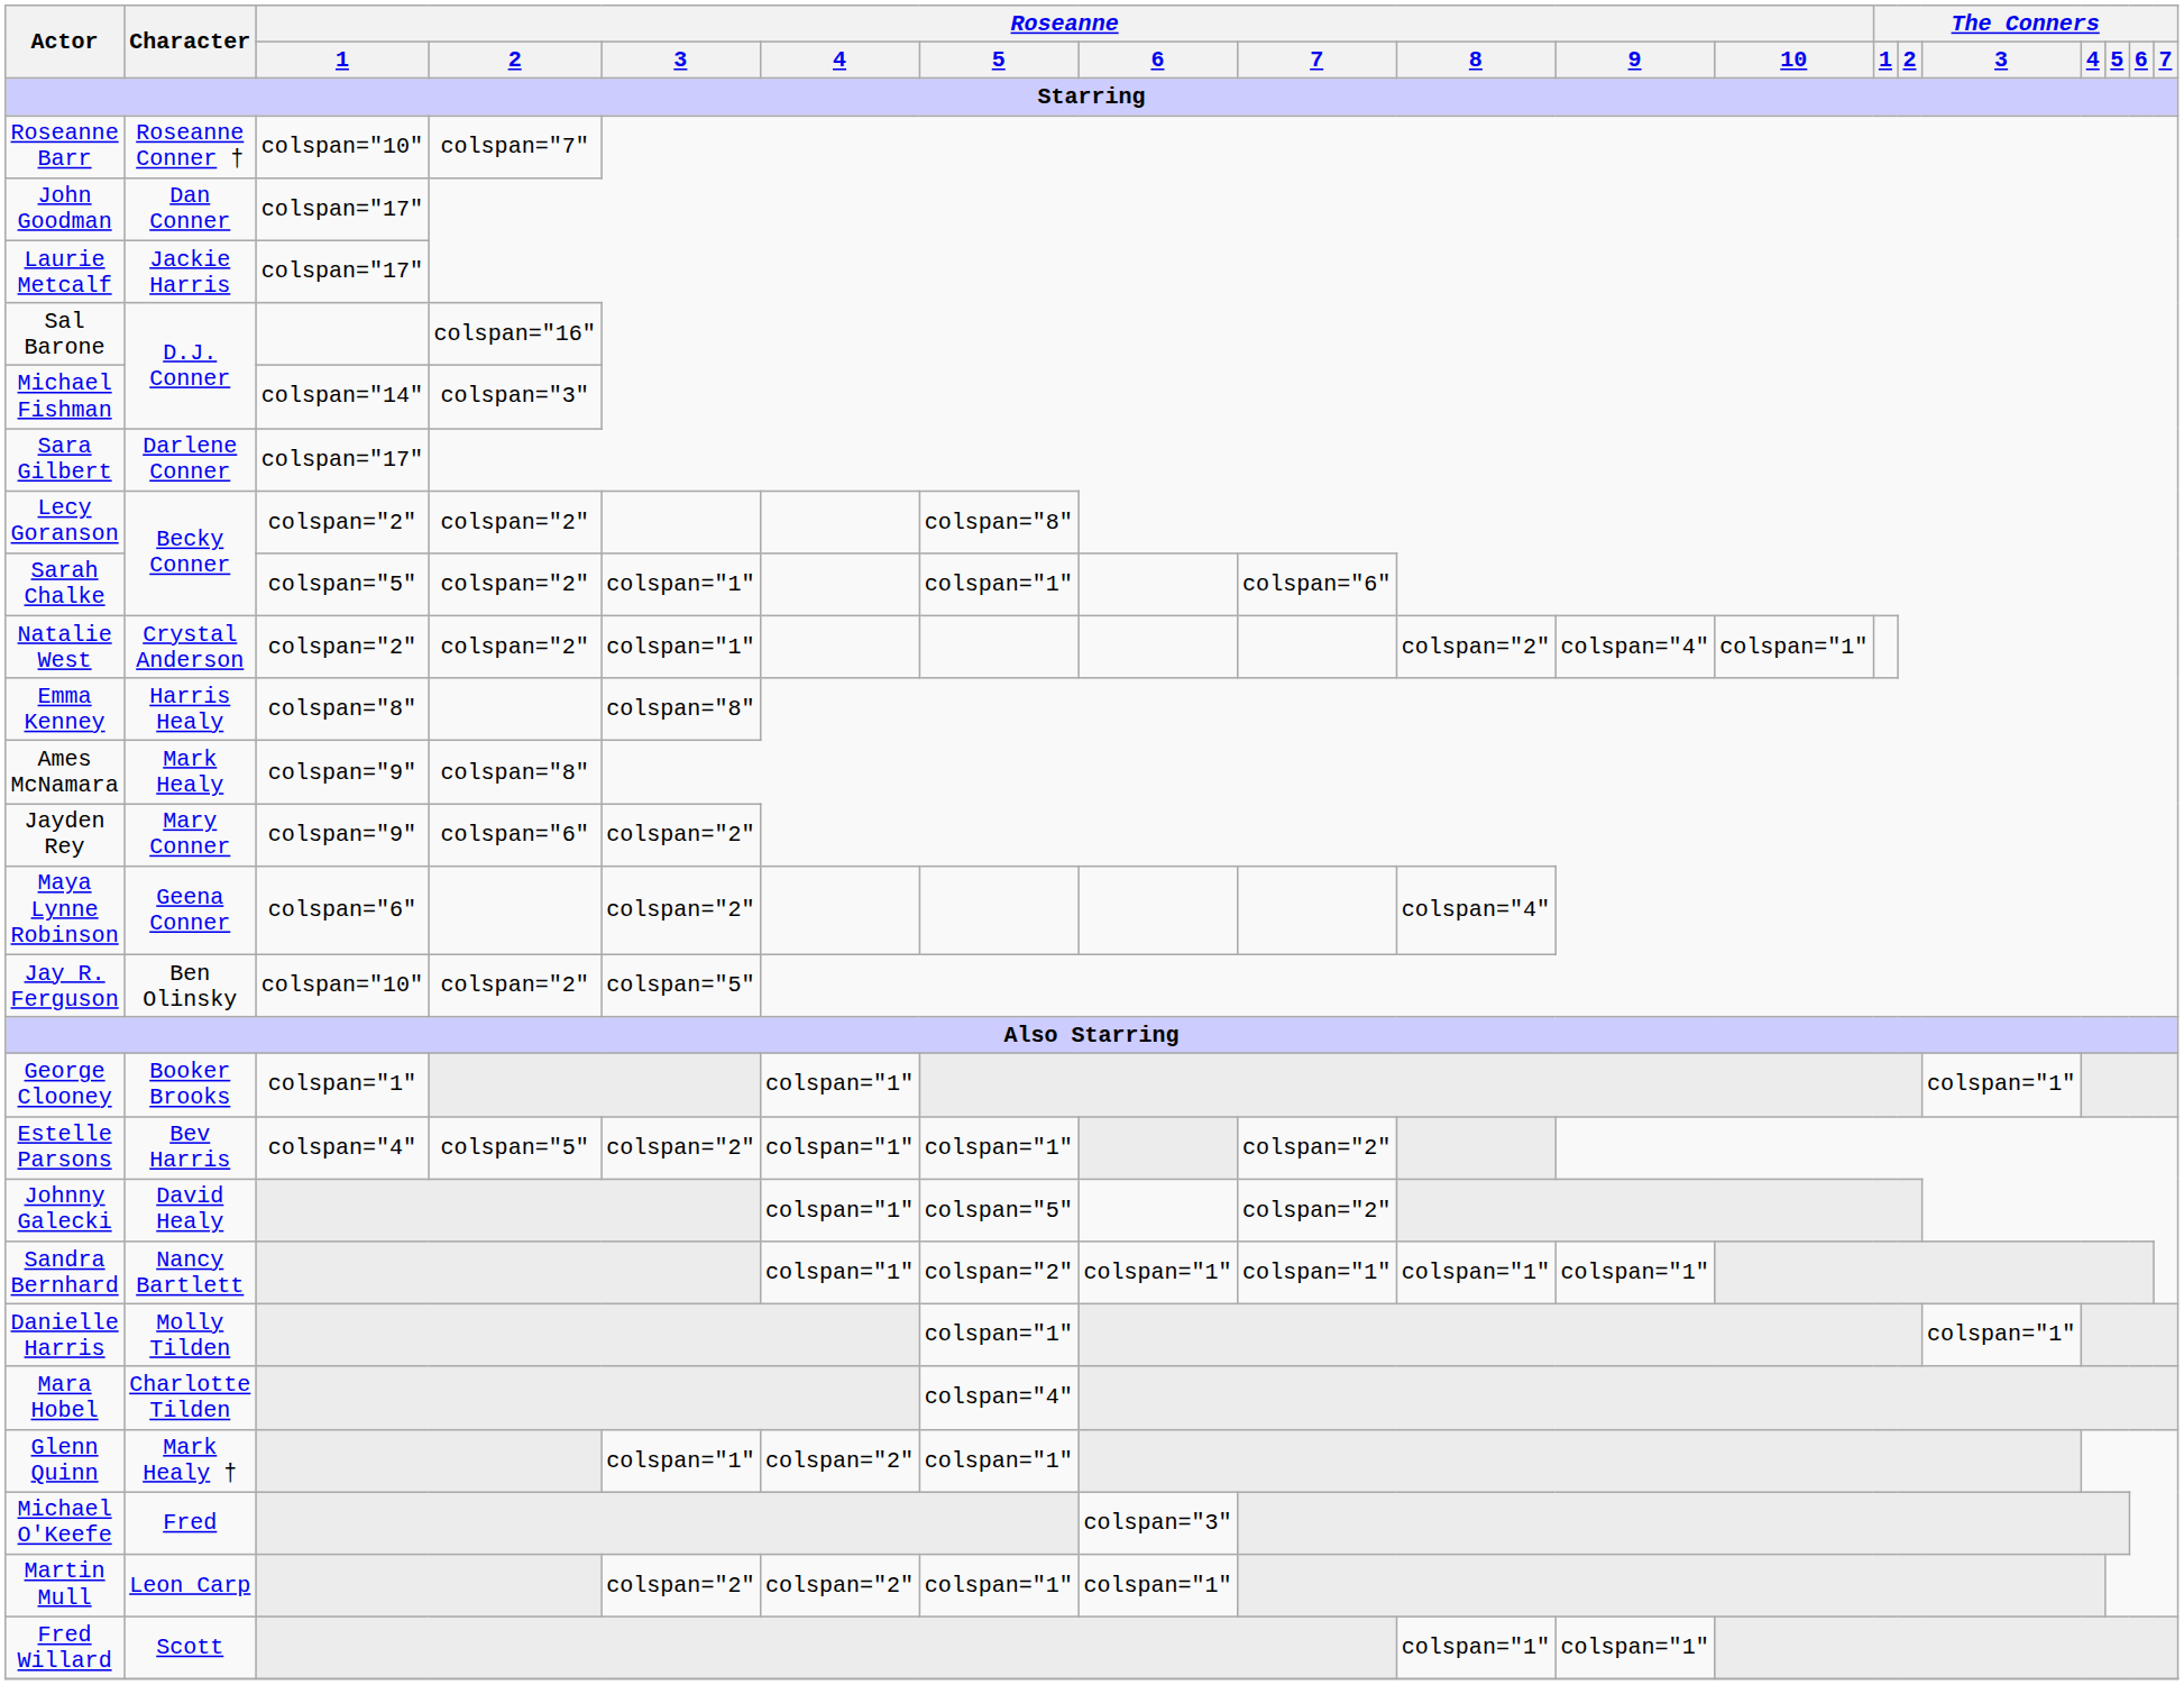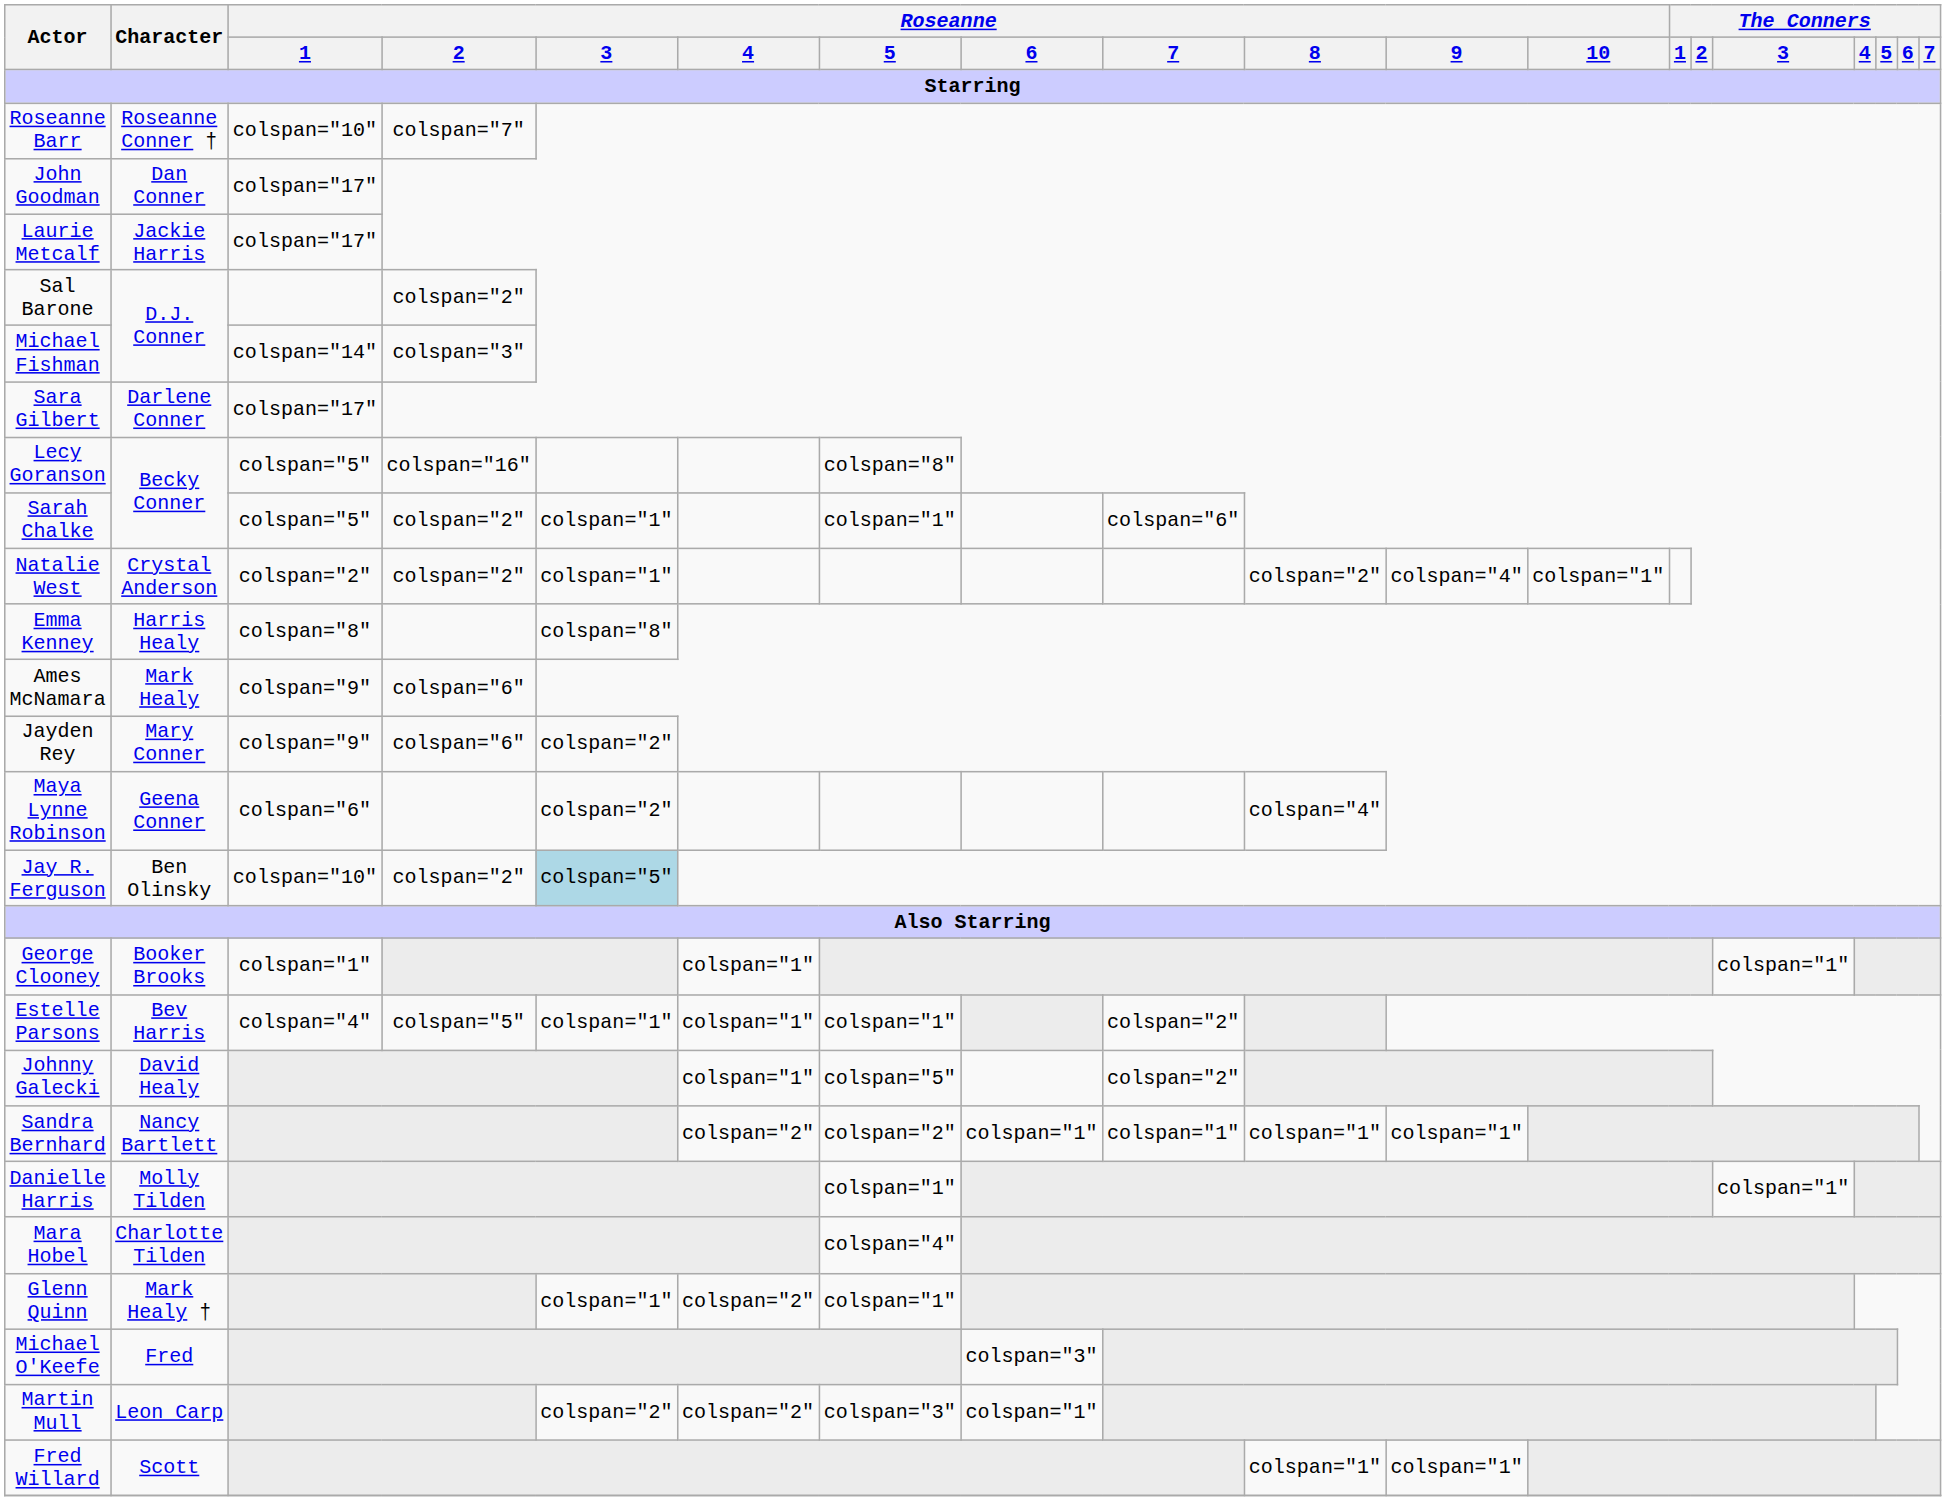 <table class="wikitable plainrowheaders" style="text-align:center">
 <tr>
 <th scope="col" rowspan="2" style="width:10%;">Actor</th>
 <th scope="col" rowspan="2" style="width:10%;">Character</th>
 <th scope="col" colspan="10"><em><a href='#'>Roseanne</a></em></th>
 <th scope="col" colspan="7"><em><a href='#'>The Conners</a></em></th>
 </tr>
 <tr>
 <th scope="col" style="width:4%;"><a href='#'>1</a></th>
 <th scope="col" style="width:4%;"><a href='#'>2</a></th>
 <th scope="col" style="width:4%;"><a href='#'>3</a></th>
 <th scope="col" style="width:4%;"><a href='#'>4</a></th>
 <th scope="col" style="width:4%;"><a href='#'>5</a></th>
 <th scope="col" style="width:4%;"><a href='#'>6</a></th>
 <th scope="col" style="width:4%;"><a href='#'>7</a></th>
 <th scope="col" style="width:4%;"><a href='#'>8</a></th>
 <th scope="col" style="width:4%;"><a href='#'>9</a></th>
 <th scope="col" style="width:4%;"><a href='#'>10</a></th>
 <th scope="col" style="width:4%;"><a href='#'>1</a></th>
 <th scope="col" style="width:4%;"><a href='#'>2</a></th>
 <th scope="col" style="width:4%;"><a href='#'>3</a></th>
 <th scope="col" style="width:4%;"><a href='#'>4</a></th>
 <th scope="col" style="width:4%;"><a href='#'>5</a></th>
 <th scope="col" style="width:4%;"><a href='#'>6</a></th>
 <th scope="col" style="width:4%;"><a href='#'>7</a></th>
 </tr>
 <tr>
 <th colspan="19" style="background:#ccf;">Starring</th>
 </tr>
 <tr>
 <td><a href='#'>Roseanne Barr</a></td>
 <td><a href='#'>Roseanne Conner</a> †</td>
 <td>colspan="10" </td>
 <td>colspan="7" </td>
 </tr>
 <tr>
 <td><a href='#'>John Goodman</a></td>
 <td><a href='#'>Dan Conner</a></td>
 <td>colspan="17" </td>
 </tr>
 <tr>
 <td><a href='#'>Laurie Metcalf</a></td>
 <td><a href='#'>Jackie Harris</a></td>
 <td>colspan="17" </td>
 </tr>
 <tr>
 <td>Sal Barone</td>
 <td rowspan="2"><a href='#'>D.J. Conner</a></td>
 <td></td>
-<td>colspan="16" </td>
+<td>colspan="2" </td>
 </tr>
 <tr>
 <td><a href='#'>Michael Fishman</a></td>
 <td>colspan="14" </td>
 <td>colspan="3" </td>
 </tr>
 <tr>
 <td><a href='#'>Sara Gilbert</a></td>
 <td><a href='#'>Darlene Conner</a></td>
 <td>colspan="17" </td>
 </tr>
 <tr>
 <td><a href='#'>Lecy Goranson</a></td>
 <td rowspan="2" style="text-align:center;"><a href='#'>Becky Conner</a></td>
-<td>colspan="2" </td>
-<td>colspan="2" </td>
+<td>colspan="5" </td>
+<td>colspan="16" </td>
 <td></td>
 <td></td>
 <td>colspan="8" </td>
 </tr>
 <tr>
 <td><a href='#'>Sarah Chalke</a></td>
 <td>colspan="5" </td>
 <td>colspan="2" </td>
 <td>colspan="1" </td>
 <td></td>
 <td>colspan="1" </td>
 <td></td>
 <td>colspan="6" </td>
 </tr>
 <tr>
 <td><a href='#'>Natalie West</a></td>
 <td><a href='#'>Crystal Anderson</a></td>
 <td>colspan="2" </td>
 <td>colspan="2" </td>
 <td>colspan="1" </td>
 <td></td>
 <td></td>
 <td></td>
 <td></td>
 <td>colspan="2" </td>
 <td>colspan="4" </td>
 <td>colspan="1" </td>
 <td></td>
 </tr>
 <tr>
 <td><a href='#'>Emma Kenney</a></td>
 <td><a href='#'>Harris Healy</a></td>
 <td>colspan="8" </td>
 <td></td>
 <td>colspan="8" </td>
 </tr>
 <tr>
 <td>Ames McNamara</td>
 <td><a href='#'>Mark Healy</a></td>
 <td>colspan="9" </td>
-<td>colspan="8" </td>
+<td>colspan="6" </td>
 </tr>
 <tr>
 <td>Jayden Rey</td>
 <td><a href='#'>Mary Conner</a></td>
 <td>colspan="9" </td>
 <td>colspan="6" </td>
 <td>colspan="2" </td>
 </tr>
 <tr>
 <td><a href='#'>Maya Lynne Robinson</a></td>
 <td><a href='#'>Geena Conner</a></td>
 <td>colspan="6" </td>
 <td></td>
 <td>colspan="2" </td>
 <td></td>
 <td></td>
 <td></td>
 <td></td>
 <td>colspan="4" </td>
 </tr>
 <tr>
 <td><a href='#'>Jay R. Ferguson</a></td>
 <td>Ben Olinsky</td>
 <td>colspan="10" </td>
 <td>colspan="2" </td>
-<td>colspan="5" </td>
+<td style="background: lightblue;">colspan="5" </td>
 </tr>
 <tr>
 <th colspan="19" style="background:#ccf;">Also Starring</th>
 </tr>
 <tr>
 <td><a href='#'>George Clooney</a></td>
 <td><a href='#'>Booker Brooks</a></td>
 <td>colspan="1" </td>
 <td colspan="2" style="background:#ececec; color:gray;"></td>
 <td>colspan="1" </td>
 <td colspan="8" style="background:#ececec; color:gray;"></td>
 <td>colspan="1" </td>
 <td colspan="4" style="background:#ececec; color:gray;"></td>
 </tr>
 <tr>
 <td><a href='#'>Estelle Parsons</a></td>
 <td><a href='#'>Bev Harris</a></td>
 <td>colspan="4" </td>
 <td>colspan="5" </td>
-<td>colspan="2" </td>
+<td>colspan="1" </td>
 <td>colspan="1" </td>
 <td>colspan="1" </td>
 <td colspan="1" style="background:#ececec; color:gray;"></td>
 <td>colspan="2" </td>
 <td colspan="1" style="background:#ececec; color:gray;"></td>
 </tr>
 <tr>
 <td><a href='#'>Johnny Galecki</a></td>
 <td><a href='#'>David Healy</a></td>
 <td colspan="3" style="background:#ececec; color:gray;"></td>
 <td>colspan="1" </td>
 <td>colspan="5" </td>
 <td></td>
 <td>colspan="2" </td>
 <td colspan="5" style="background:#ececec; color:gray;"></td>
 </tr>
 <tr>
 <td><a href='#'>Sandra Bernhard</a></td>
 <td><a href='#'>Nancy Bartlett</a></td>
 <td colspan="3" style="background:#ececec; color:gray;"></td>
-<td>colspan="1" </td>
+<td>colspan="2" </td>
 <td>colspan="2" </td>
 <td>colspan="1" </td>
 <td>colspan="1" </td>
 <td>colspan="1" </td>
 <td>colspan="1" </td>
 <td colspan="7" style="background:#ececec; color:gray;"></td>
 </tr>
 <tr>
 <td><a href='#'>Danielle Harris</a></td>
 <td><a href='#'>Molly Tilden</a></td>
 <td colspan="4" style="background:#ececec; color:gray;"></td>
 <td>colspan="1" </td>
 <td colspan="7" style="background:#ececec; color:gray;"></td>
 <td>colspan="1" </td>
 <td colspan="4" style="background:#ececec; color:gray;"></td>
 </tr>
 <tr>
 <td><a href='#'>Mara Hobel</a></td>
 <td><a href='#'>Charlotte Tilden</a></td>
 <td colspan="4" style="background:#ececec; color:gray;"></td>
 <td>colspan="4" </td>
 <td colspan="12" style="background:#ececec; color:gray;"></td>
 </tr>
 <tr>
 <td><a href='#'>Glenn Quinn</a></td>
 <td><a href='#'>Mark Healy</a> †</td>
 <td colspan="2" style="background:#ececec; color:gray;"></td>
 <td>colspan="1" </td>
 <td>colspan="2" </td>
 <td>colspan="1" </td>
 <td colspan="8" style="background:#ececec; color:gray;"></td>
 </tr>
 <tr>
 <td><a href='#'>Michael O'Keefe</a></td>
 <td><a href='#'>Fred</a></td>
 <td colspan="5" style="background:#ececec; color:gray;"></td>
 <td>colspan="3" </td>
 <td colspan="9" style="background:#ececec; color:gray;"></td>
 </tr>
 <tr>
 <td><a href='#'>Martin Mull</a></td>
 <td><a href='#'>Leon Carp</a></td>
 <td colspan="2" style="background:#ececec; color:gray;"></td>
 <td>colspan="2" </td>
 <td>colspan="2" </td>
-<td>colspan="1" </td>
+<td>colspan="3" </td>
 <td>colspan="1" </td>
 <td colspan="8" style="background:#ececec; color:gray;"></td>
 </tr>
 <tr>
 <td><a href='#'>Fred Willard</a></td>
 <td><a href='#'>Scott</a></td>
 <td colspan="7" style="background:#ececec; color:gray;"></td>
 <td>colspan="1" </td>
 <td>colspan="1" </td>
 <td colspan="8" style="background:#ececec; color:gray;"></td>
 </tr>
 <tr>
 </tr>
 </table>
